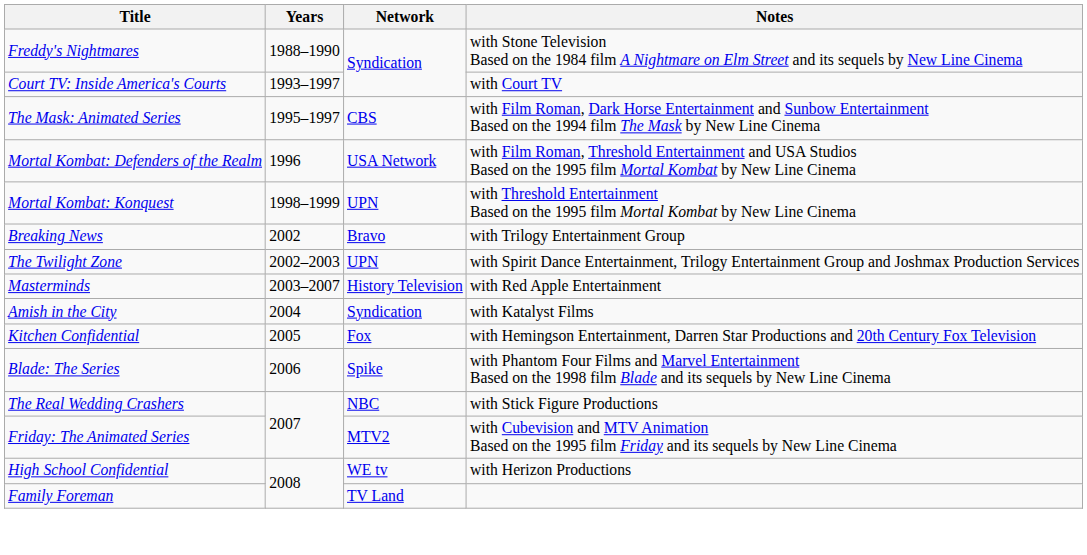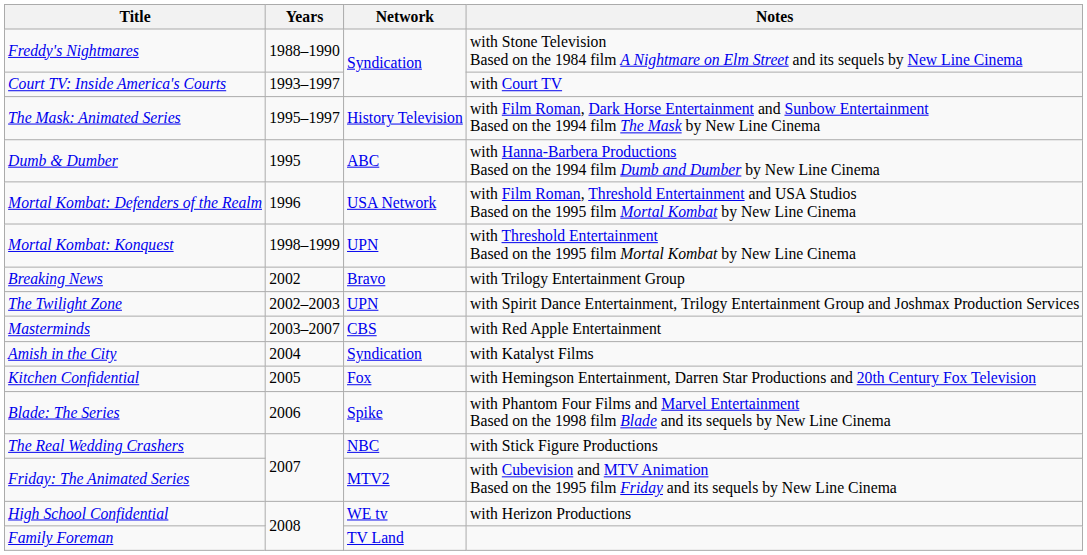 <table class="wikitable sortable">
 <tr>
 <th>Title</th>
 <th>Years</th>
 <th>Network</th>
 <th>Notes</th>
 </tr>
 <tr>
 <td><em><a href='#'>Freddy's Nightmares</a></em></td>
 <td>1988–1990</td>
 <td rowspan="2"><a href='#'>Syndication</a></td>
 <td>with Stone Television<br>Based on the 1984 film <em><a href='#'>A Nightmare on Elm Street</a></em> and its sequels by <a href='#'>New Line Cinema</a></td>
 </tr>
 <tr>
 <td><em><a href='#'>Court TV: Inside America's Courts</a></em></td>
 <td>1993–1997</td>
 <td>with <a href='#'>Court TV</a></td>
 </tr>
 <tr>
 <td><em><a href='#'>The Mask: Animated Series</a></em></td>
 <td>1995–1997</td>
-<td><a href='#'>CBS</a></td>
+<td><a href='#'>History Television</a></td>
 <td>with <a href='#'>Film Roman</a>, <a href='#'>Dark Horse Entertainment</a> and <a href='#'>Sunbow Entertainment</a><br>Based on the 1994 film <em><a href='#'>The Mask</a></em> by New Line Cinema</td>
+</tr>
+<tr>
+<td><em><a href='#'>Dumb & Dumber</a></em></td>
+<td>1995</td>
+<td><a href='#'>ABC</a></td>
+<td>with <a href='#'>Hanna-Barbera Productions</a><br>Based on the 1994 film <em><a href='#'>Dumb and Dumber</a></em> by New Line Cinema</td>
 </tr>
 <tr>
 <td><em><a href='#'>Mortal Kombat: Defenders of the Realm</a></em></td>
 <td>1996</td>
 <td><a href='#'>USA Network</a></td>
 <td>with <a href='#'>Film Roman</a>, <a href='#'>Threshold Entertainment</a> and USA Studios<br>Based on the 1995 film <em><a href='#'>Mortal Kombat</a></em> by New Line Cinema</td>
 </tr>
 <tr>
 <td><em><a href='#'>Mortal Kombat: Konquest</a></em></td>
 <td>1998–1999</td>
 <td><a href='#'>UPN</a></td>
 <td>with <a href='#'>Threshold Entertainment</a><br>Based on the 1995 film <em>Mortal Kombat</em> by New Line Cinema</td>
 </tr>
 <tr>
 <td><em><a href='#'>Breaking News</a></em></td>
 <td>2002</td>
 <td><a href='#'>Bravo</a></td>
 <td>with Trilogy Entertainment Group</td>
 </tr>
 <tr>
 <td><em><a href='#'>The Twilight Zone</a></em></td>
 <td>2002–2003</td>
 <td><a href='#'>UPN</a></td>
 <td>with Spirit Dance Entertainment, Trilogy Entertainment Group and Joshmax Production Services</td>
 </tr>
 <tr>
 <td><em><a href='#'>Masterminds</a></em></td>
 <td>2003–2007</td>
-<td><a href='#'>History Television</a></td>
+<td><a href='#'>CBS</a></td>
 <td>with Red Apple Entertainment</td>
 </tr>
 <tr>
 <td><em><a href='#'>Amish in the City</a></em></td>
 <td>2004</td>
 <td><a href='#'>Syndication</a></td>
 <td>with Katalyst Films</td>
 </tr>
 <tr>
 <td><em><a href='#'>Kitchen Confidential</a></em></td>
 <td>2005</td>
 <td><a href='#'>Fox</a></td>
 <td>with Hemingson Entertainment, Darren Star Productions and <a href='#'>20th Century Fox Television</a></td>
 </tr>
 <tr>
 <td><em><a href='#'>Blade: The Series</a></em></td>
 <td>2006</td>
 <td><a href='#'>Spike</a></td>
 <td>with Phantom Four Films and <a href='#'>Marvel Entertainment</a><br>Based on the 1998 film <em><a href='#'>Blade</a></em> and its sequels by New Line Cinema</td>
 </tr>
 <tr>
 <td><em><a href='#'>The Real Wedding Crashers</a></em></td>
 <td rowspan="2">2007</td>
 <td><a href='#'>NBC</a></td>
 <td>with Stick Figure Productions</td>
 </tr>
 <tr>
 <td><em><a href='#'>Friday: The Animated Series</a></em></td>
 <td><a href='#'>MTV2</a></td>
 <td>with <a href='#'>Cubevision</a> and <a href='#'>MTV Animation</a><br>Based on the 1995 film <em><a href='#'>Friday</a></em> and its sequels by New Line Cinema</td>
 </tr>
 <tr>
 <td><em><a href='#'>High School Confidential</a></em></td>
 <td rowspan="2">2008</td>
 <td><a href='#'>WE tv</a></td>
 <td>with Herizon Productions</td>
 </tr>
 <tr>
 <td><em><a href='#'>Family Foreman</a></em></td>
 <td><a href='#'>TV Land</a></td>
 <td></td>
 </tr>
 </table>
